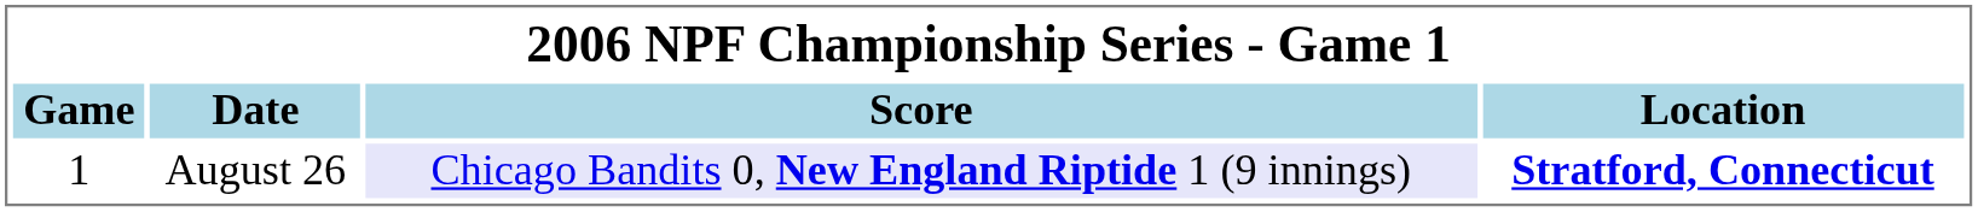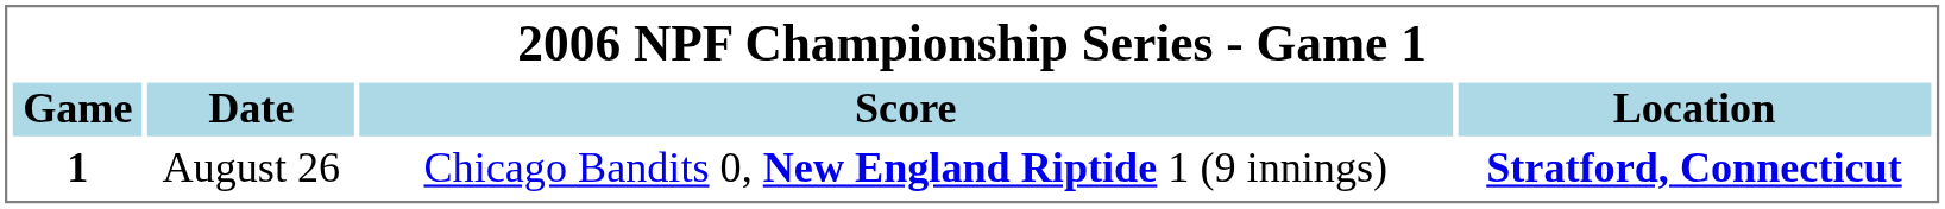 <table cellpadding="1"  style="min-width:45em;text-align:center;font-size:100%; border:1px solid gray;">
 <tr style="font-size:larger;">
 <th colspan=8>2006 NPF Championship Series - Game 1</th>
 </tr>
 <tr style="background:lightblue;">
 <th>Game</th>
 <th>Date</th>
 <th>Score</th>
 <th>Location</th>
 </tr>
 <tr>
-<td>1</td>
+<td><strong>1</strong></td>
 <td>August 26</td>
-<td style="background: lavender;"><a href='#'>Chicago Bandits</a> 0, <strong><a href='#'>New England Riptide</a></strong> 1 (9 innings)</td>
+<td><a href='#'>Chicago Bandits</a> 0, <strong><a href='#'>New England Riptide</a></strong> 1 (9 innings)</td>
 <td><strong><a href='#'>Stratford, Connecticut</a></strong></td>
 </tr>
 </table>
